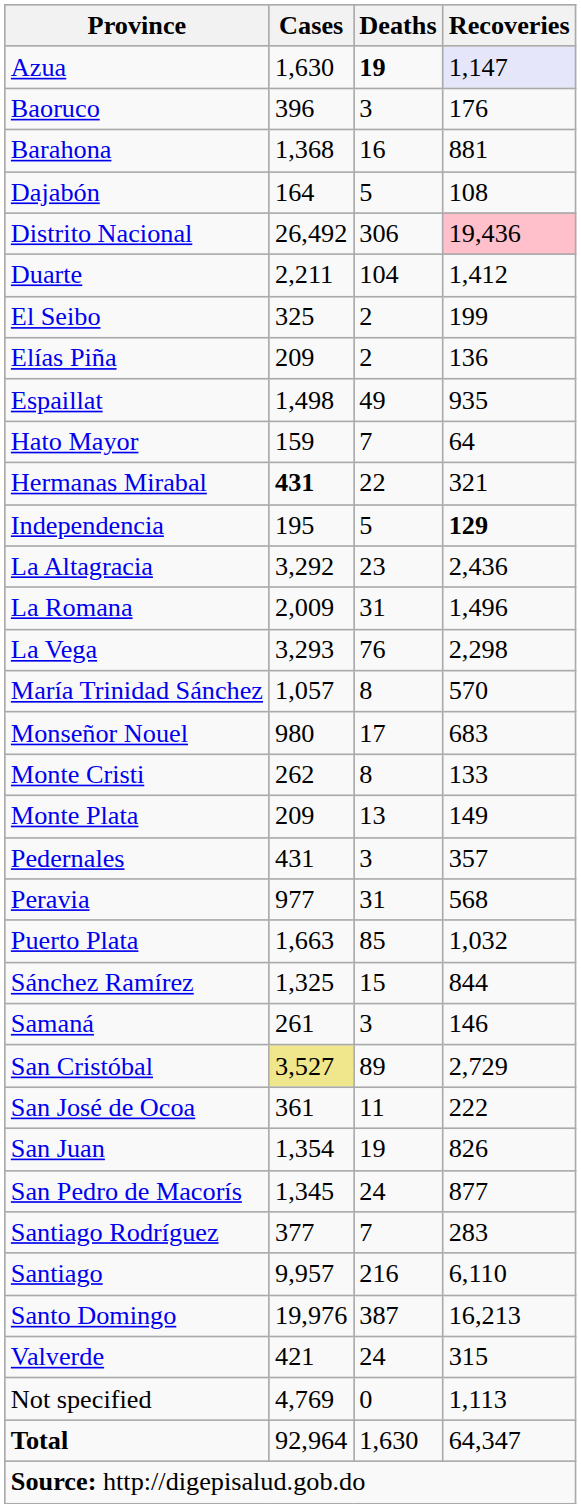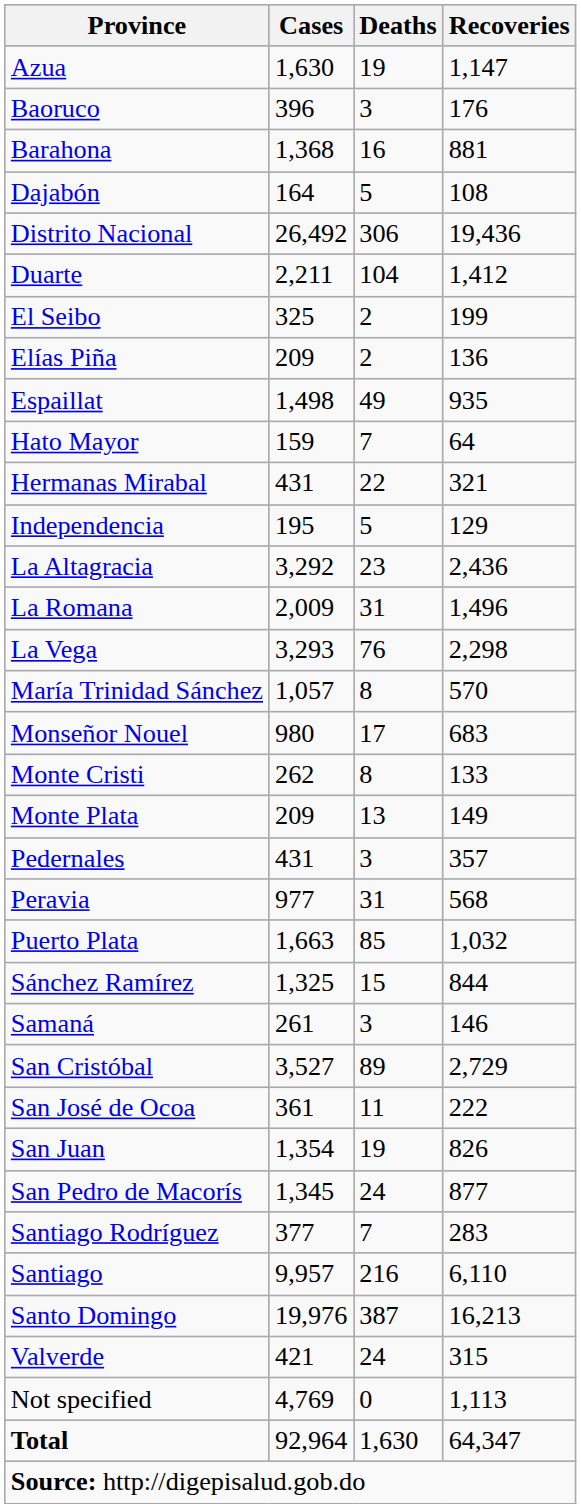 <table class="wikitable">
 <tr>
 <th>Province</th>
 <th>Cases</th>
 <th>Deaths</th>
 <th>Recoveries</th>
 </tr>
 <tr>
 <td><a href='#'>Azua</a></td>
 <td>1,630</td>
-<td><strong>19</strong></td>
-<td style="background: lavender;">1,147</td>
+<td>19</td>
+<td>1,147</td>
 </tr>
 <tr>
 <td><a href='#'>Baoruco</a></td>
 <td>396</td>
 <td>3</td>
 <td>176</td>
 </tr>
 <tr>
 <td><a href='#'>Barahona</a></td>
 <td>1,368</td>
 <td>16</td>
 <td>881</td>
 </tr>
 <tr>
 <td><a href='#'>Dajabón</a></td>
 <td>164</td>
 <td>5</td>
 <td>108</td>
 </tr>
 <tr>
 <td><a href='#'>Distrito Nacional</a></td>
 <td>26,492</td>
 <td>306</td>
-<td style="background: pink;">19,436</td>
+<td>19,436</td>
 </tr>
 <tr>
 <td><a href='#'>Duarte</a></td>
 <td>2,211</td>
 <td>104</td>
 <td>1,412</td>
 </tr>
 <tr>
 <td><a href='#'>El Seibo</a></td>
 <td>325</td>
 <td>2</td>
 <td>199</td>
 </tr>
 <tr>
 <td><a href='#'>Elías Piña</a></td>
 <td>209</td>
 <td>2</td>
 <td>136</td>
 </tr>
 <tr>
 <td><a href='#'>Espaillat</a></td>
 <td>1,498</td>
 <td>49</td>
 <td>935</td>
 </tr>
 <tr>
 <td><a href='#'>Hato Mayor</a></td>
 <td>159</td>
 <td>7</td>
 <td>64</td>
 </tr>
 <tr>
 <td><a href='#'>Hermanas Mirabal</a></td>
-<td><strong>431</strong></td>
+<td>431</td>
 <td>22</td>
 <td>321</td>
 </tr>
 <tr>
 <td><a href='#'>Independencia</a></td>
 <td>195</td>
 <td>5</td>
-<td><strong>129</strong></td>
+<td>129</td>
 </tr>
 <tr>
 <td><a href='#'>La Altagracia</a></td>
 <td>3,292</td>
 <td>23</td>
 <td>2,436</td>
 </tr>
 <tr>
 <td><a href='#'>La Romana</a></td>
 <td>2,009</td>
 <td>31</td>
 <td>1,496</td>
 </tr>
 <tr>
 <td><a href='#'>La Vega</a></td>
 <td>3,293</td>
 <td>76</td>
 <td>2,298</td>
 </tr>
 <tr>
 <td><a href='#'>María Trinidad Sánchez</a></td>
 <td>1,057</td>
 <td>8</td>
 <td>570</td>
 </tr>
 <tr>
 <td><a href='#'>Monseñor Nouel</a></td>
 <td>980</td>
 <td>17</td>
 <td>683</td>
 </tr>
 <tr>
 <td><a href='#'>Monte Cristi</a></td>
 <td>262</td>
 <td>8</td>
 <td>133</td>
 </tr>
 <tr>
 <td><a href='#'>Monte Plata</a></td>
 <td>209</td>
 <td>13</td>
 <td>149</td>
 </tr>
 <tr>
 <td><a href='#'>Pedernales</a></td>
 <td>431</td>
 <td>3</td>
 <td>357</td>
 </tr>
 <tr>
 <td><a href='#'>Peravia</a></td>
 <td>977</td>
 <td>31</td>
 <td>568</td>
 </tr>
 <tr>
 <td><a href='#'>Puerto Plata</a></td>
 <td>1,663</td>
 <td>85</td>
 <td>1,032</td>
 </tr>
 <tr>
 <td><a href='#'>Sánchez Ramírez</a></td>
 <td>1,325</td>
 <td>15</td>
 <td>844</td>
 </tr>
 <tr>
 <td><a href='#'>Samaná</a></td>
 <td>261</td>
 <td>3</td>
 <td>146</td>
 </tr>
 <tr>
 <td><a href='#'>San Cristóbal</a></td>
-<td style="background: khaki;">3,527</td>
+<td>3,527</td>
 <td>89</td>
 <td>2,729</td>
 </tr>
 <tr>
 <td><a href='#'>San José de Ocoa</a></td>
 <td>361</td>
 <td>11</td>
 <td>222</td>
 </tr>
 <tr>
 <td><a href='#'>San Juan</a></td>
 <td>1,354</td>
 <td>19</td>
 <td>826</td>
 </tr>
 <tr>
 <td><a href='#'>San Pedro de Macorís</a></td>
 <td>1,345</td>
 <td>24</td>
 <td>877</td>
 </tr>
 <tr>
 <td><a href='#'>Santiago Rodríguez</a></td>
 <td>377</td>
 <td>7</td>
 <td>283</td>
 </tr>
 <tr>
 <td><a href='#'>Santiago</a></td>
 <td>9,957</td>
 <td>216</td>
 <td>6,110</td>
 </tr>
 <tr>
 <td><a href='#'>Santo Domingo</a></td>
 <td>19,976</td>
 <td>387</td>
 <td>16,213</td>
 </tr>
 <tr>
 <td><a href='#'>Valverde</a></td>
 <td>421</td>
 <td>24</td>
 <td>315</td>
 </tr>
 <tr>
 <td>Not specified</td>
 <td>4,769</td>
 <td>0</td>
 <td>1,113</td>
 </tr>
 <tr>
 <td><strong>Total</strong></td>
 <td>92,964</td>
 <td>1,630</td>
 <td>64,347</td>
 </tr>
 <tr>
 <td colspan="4"><strong>Source:</strong> http://digepisalud.gob.do </td>
 </tr>
 </table>
